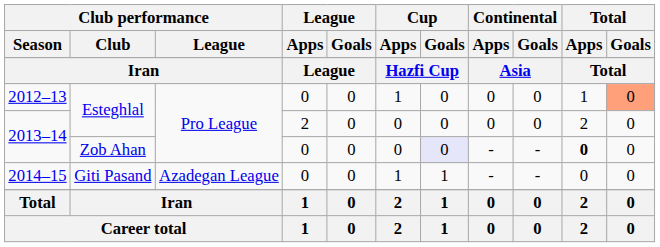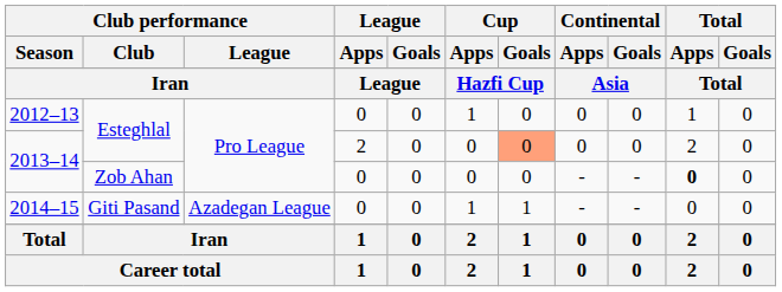 <table class="wikitable" style="text-align:center">
 <tr>
 <th colspan=3>Club performance</th>
 <th colspan=2>League</th>
 <th colspan=2>Cup</th>
 <th colspan=2>Continental</th>
 <th colspan=2>Total</th>
 </tr>
 <tr>
 <th>Season</th>
 <th>Club</th>
 <th>League</th>
 <th>Apps</th>
 <th>Goals</th>
 <th>Apps</th>
 <th>Goals</th>
 <th>Apps</th>
 <th>Goals</th>
 <th>Apps</th>
 <th>Goals</th>
 </tr>
 <tr>
 </tr>
 <tr>
 <th colspan=3>Iran</th>
 <th colspan=2>League</th>
 <th colspan=2><a href='#'>Hazfi Cup</a></th>
 <th colspan=2><a href='#'>Asia</a></th>
 <th colspan=2>Total</th>
 </tr>
 <tr>
 <td><a href='#'>2012–13</a></td>
 <td rowspan="2"><a href='#'>Esteghlal</a></td>
 <td rowspan="3"><a href='#'>Pro League</a></td>
 <td>0</td>
 <td>0</td>
 <td>1</td>
 <td>0</td>
 <td>0</td>
 <td>0</td>
 <td>1</td>
-<td style="background: lightsalmon;">0</td>
+<td>0</td>
 </tr>
 <tr>
 <td rowspan="2"><a href='#'>2013–14</a></td>
 <td>2</td>
 <td>0</td>
 <td>0</td>
-<td>0</td>
+<td style="background: lightsalmon;">0</td>
 <td>0</td>
 <td>0</td>
 <td>2</td>
 <td>0</td>
 </tr>
 <tr>
 <td rowspan="1"><a href='#'>Zob Ahan</a></td>
 <td>0</td>
 <td>0</td>
 <td>0</td>
-<td style="background: lavender;">0</td>
+<td>0</td>
 <td>-</td>
 <td>-</td>
 <td><strong>0</strong></td>
 <td>0</td>
 </tr>
 <tr>
 <td><a href='#'>2014–15</a></td>
 <td rowspan="1"><a href='#'>Giti Pasand</a></td>
 <td rowspan="1"><a href='#'>Azadegan League</a></td>
 <td>0</td>
 <td>0</td>
 <td>1</td>
 <td>1</td>
 <td>-</td>
 <td>-</td>
 <td>0</td>
 <td>0</td>
 </tr>
 <tr>
 </tr>
 <tr>
 <th rowspan=1>Total</th>
 <th colspan=2>Iran</th>
 <th>1</th>
 <th>0</th>
 <th>2</th>
 <th>1</th>
 <th>0</th>
 <th>0</th>
 <th>2</th>
 <th>0</th>
 </tr>
 <tr>
 <th colspan=3>Career total</th>
 <th>1</th>
 <th>0</th>
 <th>2</th>
 <th>1</th>
 <th>0</th>
 <th>0</th>
 <th>2</th>
 <th>0</th>
 </tr>
 </table>
